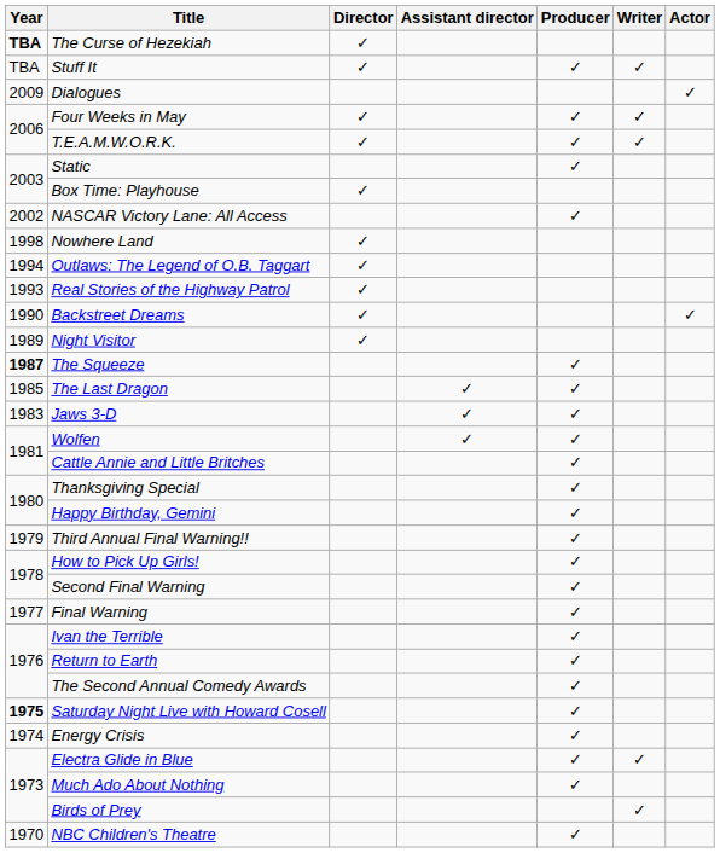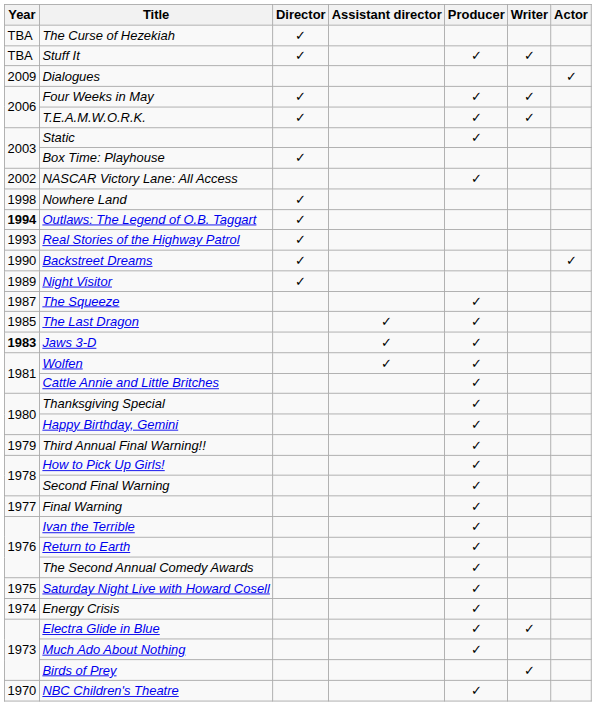 <table class="wikitable sortable" style="font-size: 90%; background: #F9F9F9;">
 <tr>
 <th>Year</th>
 <th>Title</th>
 <th>Director</th>
 <th>Assistant director</th>
 <th>Producer</th>
 <th>Writer</th>
 <th>Actor</th>
 </tr>
 <tr>
-<td><strong>TBA</strong></td>
+<td>TBA</td>
 <td><em>The Curse of Hezekiah</em></td>
 <td align="center">✓</td>
 <td></td>
 <td></td>
 <td></td>
 <td></td>
 </tr>
 <tr>
 <td>TBA</td>
 <td><em>Stuff It</em></td>
 <td align="center">✓</td>
 <td></td>
 <td align="center">✓</td>
 <td align="center">✓</td>
 <td></td>
 </tr>
 <tr>
 <td>2009</td>
 <td><em>Dialogues</em></td>
 <td></td>
 <td></td>
 <td></td>
 <td></td>
 <td align="center">✓</td>
 </tr>
 <tr>
 <td rowspan=2>2006</td>
 <td><em>Four Weeks in May</em></td>
 <td align="center">✓</td>
 <td></td>
 <td align="center">✓</td>
 <td align="center">✓</td>
 <td></td>
 </tr>
 <tr>
 <td><em>T.E.A.M.W.O.R.K.</em></td>
 <td align="center">✓</td>
 <td></td>
 <td align="center">✓</td>
 <td align="center">✓</td>
 <td></td>
 </tr>
 <tr>
 <td rowspan=2>2003</td>
 <td><em>Static</em></td>
 <td></td>
 <td></td>
 <td align="center">✓</td>
 <td></td>
 <td></td>
 </tr>
 <tr>
 <td><em>Box Time: Playhouse</em></td>
 <td align="center">✓</td>
 <td></td>
 <td></td>
 <td></td>
 <td></td>
 </tr>
 <tr>
 <td>2002</td>
 <td><em>NASCAR Victory Lane: All Access</em></td>
 <td></td>
 <td></td>
 <td align="center">✓</td>
 <td></td>
 <td></td>
 </tr>
 <tr>
 <td>1998</td>
 <td><em>Nowhere Land</em></td>
 <td align="center">✓</td>
 <td></td>
 <td></td>
 <td></td>
 <td></td>
 </tr>
 <tr>
-<td>1994</td>
+<td><strong>1994</strong></td>
 <td><em><a href='#'>Outlaws: The Legend of O.B. Taggart </a></em></td>
 <td align="center">✓</td>
 <td></td>
 <td></td>
 <td></td>
 <td></td>
 </tr>
 <tr>
 <td>1993</td>
 <td><em><a href='#'>Real Stories of the Highway Patrol</a></em></td>
 <td align="center">✓</td>
 <td></td>
 <td></td>
 <td></td>
 <td></td>
 </tr>
 <tr>
 <td>1990</td>
 <td><em><a href='#'>Backstreet Dreams</a></em></td>
 <td align="center">✓</td>
 <td></td>
 <td></td>
 <td></td>
 <td align="center">✓</td>
 </tr>
 <tr>
 <td>1989</td>
 <td><em><a href='#'>Night Visitor</a></em></td>
 <td align="center">✓</td>
 <td></td>
 <td></td>
 <td></td>
 <td></td>
 </tr>
 <tr>
-<td><strong>1987</strong></td>
+<td>1987</td>
 <td><em><a href='#'>The Squeeze</a></em></td>
 <td></td>
 <td></td>
 <td align="center">✓</td>
 <td></td>
 <td></td>
 </tr>
 <tr>
 <td>1985</td>
 <td><em><a href='#'>The Last Dragon</a></em></td>
 <td></td>
 <td align="center">✓</td>
 <td align="center">✓</td>
 <td></td>
 <td></td>
 </tr>
 <tr>
-<td>1983</td>
+<td><strong>1983</strong></td>
 <td><em><a href='#'>Jaws 3-D</a></em></td>
 <td></td>
 <td align="center">✓</td>
 <td align="center">✓</td>
 <td></td>
 <td></td>
 </tr>
 <tr>
 <td rowspan=2>1981</td>
 <td><em><a href='#'>Wolfen</a></em></td>
 <td></td>
 <td align="center">✓</td>
 <td align="center">✓</td>
 <td></td>
 <td></td>
 </tr>
 <tr>
 <td><em><a href='#'>Cattle Annie and Little Britches</a></em></td>
 <td></td>
 <td></td>
 <td align="center">✓</td>
 <td></td>
 <td></td>
 </tr>
 <tr>
 <td rowspan=2>1980</td>
 <td><em>Thanksgiving Special</em></td>
 <td></td>
 <td></td>
 <td align="center">✓</td>
 <td></td>
 <td></td>
 </tr>
 <tr>
 <td><em><a href='#'>Happy Birthday, Gemini</a></em></td>
 <td></td>
 <td></td>
 <td align="center">✓</td>
 <td></td>
 <td></td>
 </tr>
 <tr>
 <td>1979</td>
 <td><em>Third Annual Final Warning!!</em></td>
 <td></td>
 <td></td>
 <td align="center">✓</td>
 <td></td>
 <td></td>
 </tr>
 <tr>
 <td rowspan=2>1978</td>
 <td><em><a href='#'>How to Pick Up Girls!</a></em></td>
 <td></td>
 <td></td>
 <td align="center">✓</td>
 <td></td>
 <td></td>
 </tr>
 <tr>
 <td><em>Second Final Warning</em></td>
 <td></td>
 <td></td>
 <td align="center">✓</td>
 <td></td>
 <td></td>
 </tr>
 <tr>
 <td>1977</td>
 <td><em>Final Warning</em></td>
 <td></td>
 <td></td>
 <td align="center">✓</td>
 <td></td>
 <td></td>
 </tr>
 <tr>
 <td rowspan=3>1976</td>
 <td><em><a href='#'>Ivan the Terrible</a></em></td>
 <td></td>
 <td></td>
 <td align="center">✓</td>
 <td></td>
 <td></td>
 </tr>
 <tr>
 <td><em><a href='#'>Return to Earth</a></em></td>
 <td></td>
 <td></td>
 <td align="center">✓</td>
 <td></td>
 <td></td>
 </tr>
 <tr>
 <td><em>The Second Annual Comedy Awards</em></td>
 <td></td>
 <td></td>
 <td align="center">✓</td>
 <td></td>
 <td></td>
 </tr>
 <tr>
-<td><strong>1975</strong></td>
+<td>1975</td>
 <td><em><a href='#'>Saturday Night Live with Howard Cosell</a></em></td>
 <td></td>
 <td></td>
 <td align="center">✓</td>
 <td></td>
 <td></td>
 </tr>
 <tr>
 <td>1974</td>
 <td><em>Energy Crisis</em></td>
 <td></td>
 <td></td>
 <td align="center">✓</td>
 <td></td>
 <td></td>
 </tr>
 <tr>
 <td rowspan=3>1973</td>
 <td><em><a href='#'>Electra Glide in Blue</a></em></td>
 <td></td>
 <td></td>
 <td align="center">✓</td>
 <td align="center">✓</td>
 <td></td>
 </tr>
 <tr>
 <td><em><a href='#'>Much Ado About Nothing</a></em></td>
 <td></td>
 <td></td>
 <td align="center">✓</td>
 <td></td>
 <td></td>
 </tr>
 <tr>
 <td><em><a href='#'>Birds of Prey</a></em></td>
 <td></td>
 <td></td>
 <td></td>
 <td align="center">✓</td>
 <td></td>
 </tr>
 <tr>
 <td>1970</td>
 <td><em><a href='#'>NBC Children's Theatre</a></em></td>
 <td></td>
 <td></td>
 <td align="center">✓</td>
 <td></td>
 <td></td>
 </tr>
 </table>
